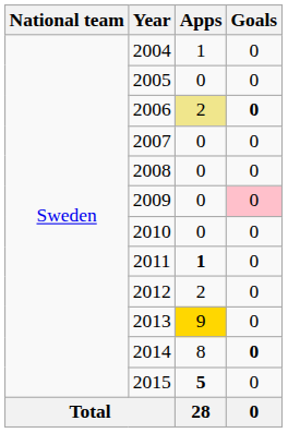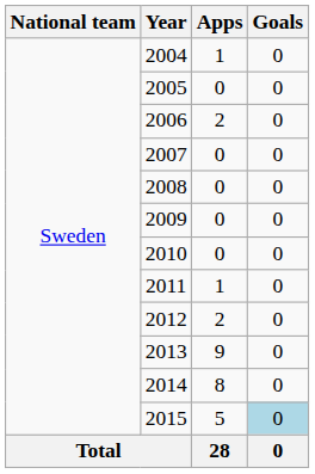 <table class="wikitable" style="text-align:center">
 <tr>
 <th>National team</th>
 <th>Year</th>
 <th>Apps</th>
 <th>Goals</th>
 </tr>
 <tr>
 <td rowspan="12"><a href='#'>Sweden</a></td>
 <td>2004</td>
 <td>1</td>
 <td>0</td>
 </tr>
 <tr>
 <td>2005</td>
 <td>0</td>
 <td>0</td>
 </tr>
 <tr>
 <td>2006</td>
-<td style="background: khaki;">2</td>
-<td><strong>0</strong></td>
+<td>2</td>
+<td>0</td>
 </tr>
 <tr>
 <td>2007</td>
 <td>0</td>
 <td>0</td>
 </tr>
 <tr>
 <td>2008</td>
 <td>0</td>
 <td>0</td>
 </tr>
 <tr>
 <td>2009</td>
 <td>0</td>
-<td style="background: pink;">0</td>
+<td>0</td>
 </tr>
 <tr>
 <td>2010</td>
 <td>0</td>
 <td>0</td>
 </tr>
 <tr>
 <td>2011</td>
-<td><strong>1</strong></td>
+<td>1</td>
 <td>0</td>
 </tr>
 <tr>
 <td>2012</td>
 <td>2</td>
 <td>0</td>
 </tr>
 <tr>
 <td>2013</td>
-<td style="background: gold;">9</td>
+<td>9</td>
 <td>0</td>
 </tr>
 <tr>
 <td>2014</td>
 <td>8</td>
-<td><strong>0</strong></td>
+<td>0</td>
 </tr>
 <tr>
 <td>2015</td>
-<td><strong>5</strong></td>
-<td>0</td>
+<td>5</td>
+<td style="background: lightblue;">0</td>
 </tr>
 <tr>
 <th colspan="2">Total</th>
 <th>28</th>
 <th>0</th>
 </tr>
 </table>
